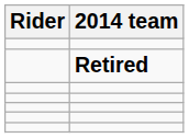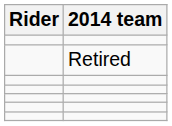 <table class="wikitable">
 <tr>
 <th>Rider</th>
 <th>2014 team</th>
 </tr>
 <tr>
 <td></td>
 <td></td>
 </tr>
 <tr>
 <td></td>
-<td><strong>Retired</strong></td>
+<td>Retired</td>
 </tr>
 <tr>
 <td></td>
 <td></td>
 </tr>
 <tr>
 <td></td>
 <td></td>
 </tr>
 <tr>
 <td></td>
 <td></td>
 </tr>
 <tr>
 <td></td>
 <td></td>
 </tr>
 <tr>
 <td></td>
 <td></td>
 </tr>
 </table>
